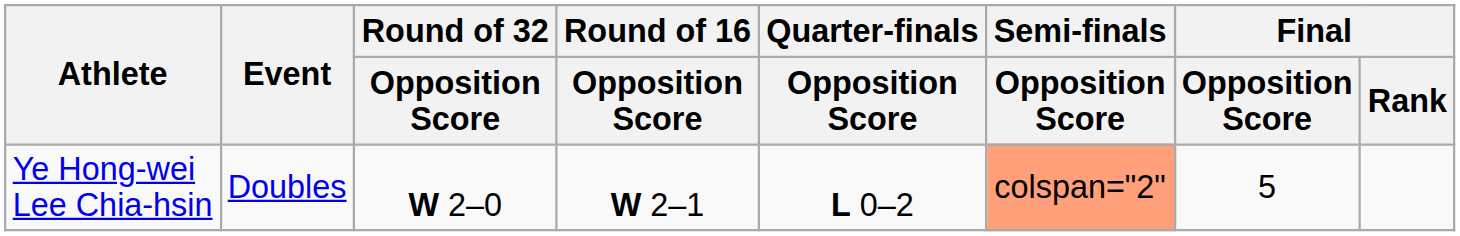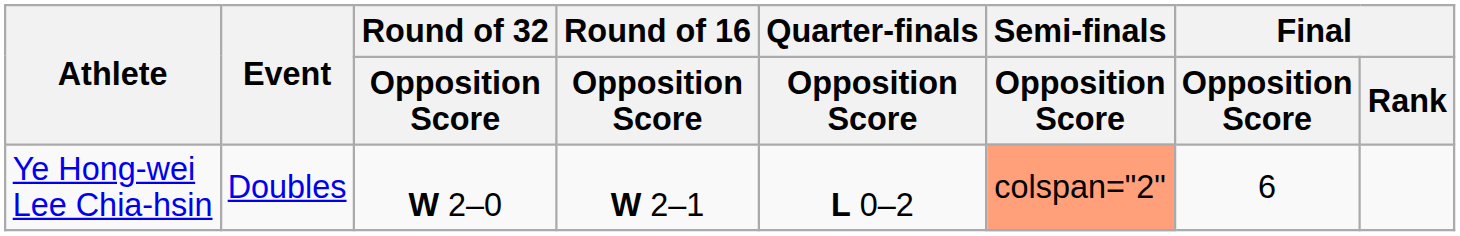 <table class="wikitable" style="text-align:center; font-size:90%">
 <tr>
 <th rowspan="2">Athlete</th>
 <th rowspan="2">Event</th>
 <th>Round of 32</th>
 <th>Round of 16</th>
 <th>Quarter-finals</th>
 <th>Semi-finals</th>
 <th colspan="2">Final</th>
 </tr>
 <tr>
 <th>Opposition<br>Score</th>
 <th>Opposition<br>Score</th>
 <th>Opposition<br>Score</th>
 <th>Opposition<br>Score</th>
 <th>Opposition<br>Score</th>
 <th>Rank</th>
 </tr>
 <tr>
 <td align="left"><a href='#'>Ye Hong-wei</a><br><a href='#'>Lee Chia-hsin</a></td>
 <td><a href='#'>Doubles</a></td>
 <td><br><strong>W</strong> 2–0</td>
 <td><br><strong>W</strong> 2–1</td>
 <td><br><strong>L</strong> 0–2</td>
 <td style="background: lightsalmon;">colspan="2" </td>
-<td>5</td>
+<td>6</td>
 </tr>
 </table>
